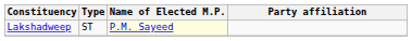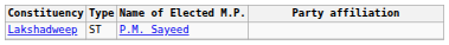 <table class="wikitable" style="font-size:95%;">
 <tr>
 <th>Constituency</th>
 <th>Type</th>
 <th>Name of Elected M.P.</th>
 <th colspan="2" style="width:18em">Party affiliation</th>
 </tr>
 <tr>
 <td><a href='#'>Lakshadweep</a></td>
 <td>ST</td>
-<td style="background: lightyellow;"><a href='#'>P.M. Sayeed</a></td>
+<td><a href='#'>P.M. Sayeed</a></td>
 <td></td>
 </tr>
 <tr>
 </tr>
 </table>
